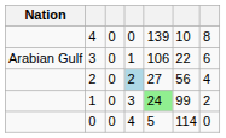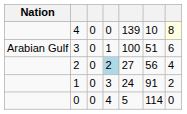 <table class="wikitable">
 <tr>
 <th>Nation</th>
 <th style="width:1em;"></th>
 <th style="width:1em;"></th>
 <th style="width:1em;"></th>
 <th style="width:1.6em;"></th>
 <th style="width:1.6em;"></th>
 <th style="width:1em;"></th>
 </tr>
 <tr>
 <td align=left></td>
 <td>4</td>
 <td>0</td>
 <td>0</td>
 <td>139</td>
 <td>10</td>
-<td>8</td>
+<td style="background: lightyellow;">8</td>
 </tr>
 <tr>
 <td align=left> Arabian Gulf</td>
 <td>3</td>
 <td>0</td>
 <td>1</td>
-<td>106</td>
-<td>22</td>
+<td>100</td>
+<td>51</td>
 <td>6</td>
 </tr>
 <tr>
 <td align=left></td>
 <td>2</td>
 <td>0</td>
 <td style="background: lightblue;">2</td>
 <td>27</td>
 <td>56</td>
 <td>4</td>
 </tr>
 <tr>
 <td align=left></td>
 <td>1</td>
 <td>0</td>
 <td>3</td>
-<td style="background: lightgreen;">24</td>
-<td>99</td>
+<td>24</td>
+<td>91</td>
 <td>2</td>
 </tr>
 <tr>
 <td align=left></td>
 <td>0</td>
 <td>0</td>
 <td>4</td>
 <td>5</td>
 <td>114</td>
 <td>0</td>
 </tr>
 </table>
